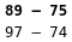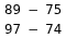 <table style="text-align:center;">
 <tr>
 <th width=200></th>
 <th width=100></th>
 <th width=200></th>
 <th></th>
 </tr>
 <tr>
 <td align=right><strong></strong></td>
-<td><strong>89 – 75</strong></td>
+<td>89 – 75</td>
 <td align=left></td>
 </tr>
 <tr>
 <td align=right><strong></strong></td>
 <td>97 – 74</td>
 <td align=left></td>
 </tr>
 </table>
